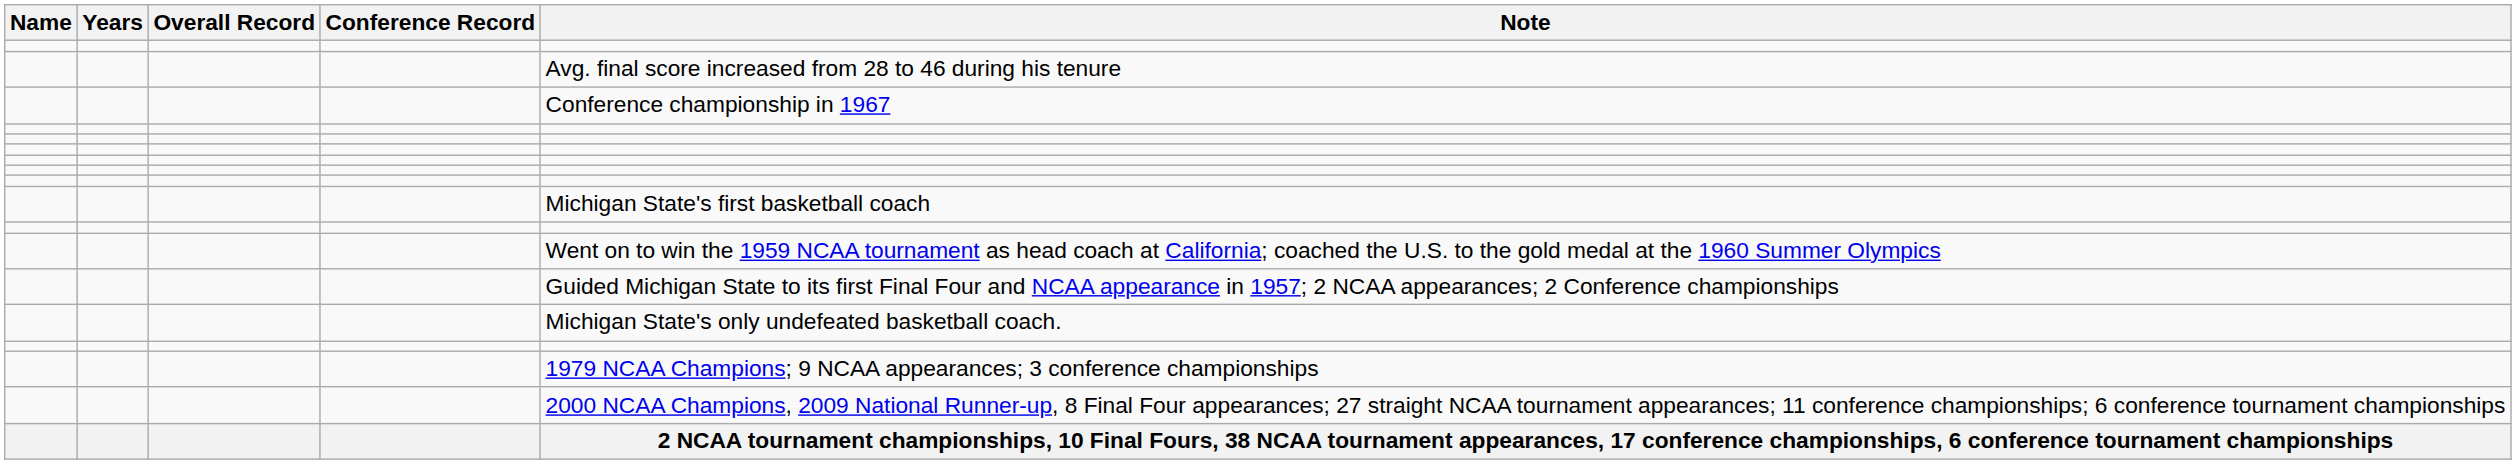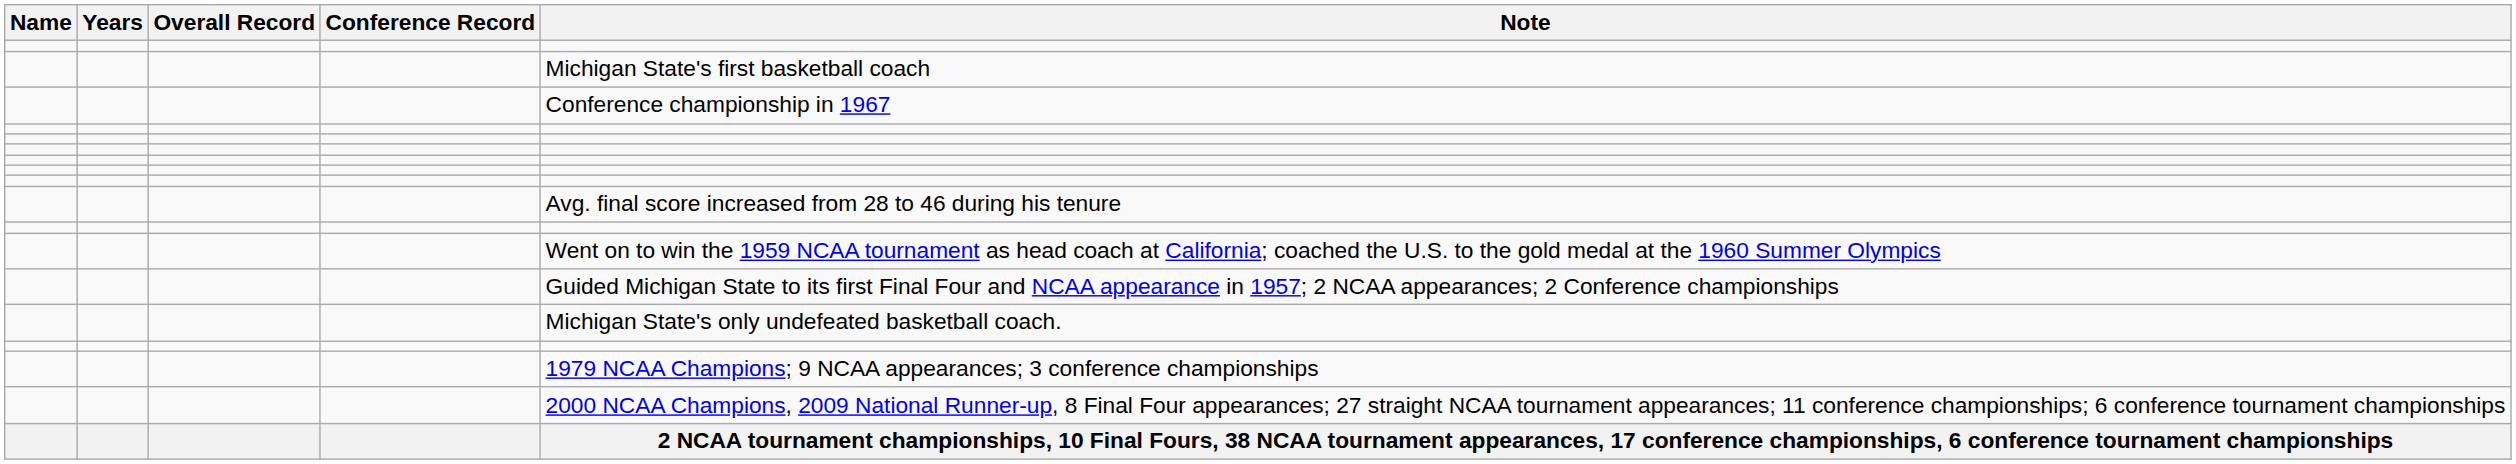 <table class="wikitable">
 <tr>
 <th style="background:#">Name</th>
 <th style="background:#">Years</th>
 <th style="background:#">Overall Record</th>
 <th style="background:#">Conference Record</th>
 <th style="background:#">Note</th>
 </tr>
 <tr>
 <td></td>
 <td align="center"></td>
 <td align="center"></td>
 <td></td>
 <td></td>
 </tr>
 <tr>
 <td></td>
 <td align="center"></td>
 <td align="center"></td>
 <td></td>
-<td>Avg. final score increased from 28 to 46 during his tenure</td>
+<td>Michigan State's first basketball coach</td>
 </tr>
 <tr>
 <td></td>
 <td align="center"></td>
 <td align="center"></td>
 <td></td>
 <td>Conference championship in <a href='#'>1967</a></td>
 </tr>
 <tr>
 <td></td>
 <td align="center"></td>
 <td align="center"></td>
 <td></td>
 <td></td>
 </tr>
 <tr>
 <td></td>
 <td align="center"></td>
 <td align="center"></td>
 <td></td>
 <td></td>
 </tr>
 <tr>
 <td></td>
 <td align="center"></td>
 <td align="center"></td>
 <td></td>
 <td></td>
 </tr>
 <tr>
 <td></td>
 <td align="center"></td>
 <td align="center"></td>
 <td></td>
 <td></td>
 </tr>
 <tr>
 <td></td>
 <td align="center"></td>
 <td align="center"></td>
 <td></td>
 <td></td>
 </tr>
 <tr>
 <td></td>
 <td align="center"></td>
 <td align="center"></td>
 <td></td>
 <td></td>
 </tr>
 <tr>
 <td></td>
 <td align="center"></td>
 <td align="center"></td>
 <td></td>
-<td>Michigan State's first basketball coach</td>
+<td>Avg. final score increased from 28 to 46 during his tenure</td>
 </tr>
 <tr>
 <td></td>
 <td align="center"></td>
 <td align="center"></td>
 <td></td>
 <td></td>
 </tr>
 <tr>
 <td></td>
 <td align="center"></td>
 <td align="center"></td>
 <td align="center"></td>
 <td>Went on to win the <a href='#'>1959 NCAA tournament</a> as head coach at <a href='#'>California</a>; coached the U.S. to the gold medal at the <a href='#'>1960 Summer Olympics</a></td>
 </tr>
 <tr>
 <td></td>
 <td align="center"></td>
 <td align="center"></td>
 <td align="center"></td>
 <td>Guided Michigan State to its first Final Four and <a href='#'>NCAA appearance</a> in <a href='#'>1957</a>; 2 NCAA appearances; 2 Conference championships</td>
 </tr>
 <tr>
 <td></td>
 <td align="center"></td>
 <td align="center"></td>
 <td align="center"></td>
 <td>Michigan State's only undefeated basketball coach.</td>
 </tr>
 <tr>
 <td></td>
 <td align="center"></td>
 <td align="center"></td>
 <td align="center"></td>
 <td></td>
 </tr>
 <tr>
 <td></td>
 <td align="center"></td>
 <td align="center"></td>
 <td align="center"></td>
 <td><a href='#'>1979 NCAA Champions</a>; 9 NCAA appearances; 3 conference championships</td>
 </tr>
 <tr>
 <td></td>
 <td align="center"></td>
 <td align="center"></td>
 <td align="center"></td>
 <td><a href='#'>2000 NCAA Champions</a>, <a href='#'>2009 National Runner-up</a>, 8 Final Four appearances; 27 straight NCAA tournament appearances; 11 conference championships; 6 conference tournament championships</td>
 </tr>
 <tr>
 <th style="background:#"></th>
 <th style="background:#"></th>
 <th style="background:#"></th>
 <th style="background:#"></th>
 <th style="background:#">2 NCAA tournament championships, 10 Final Fours, 38 NCAA tournament appearances, 17 conference championships, 6 conference tournament championships</th>
 </tr>
 </table>
